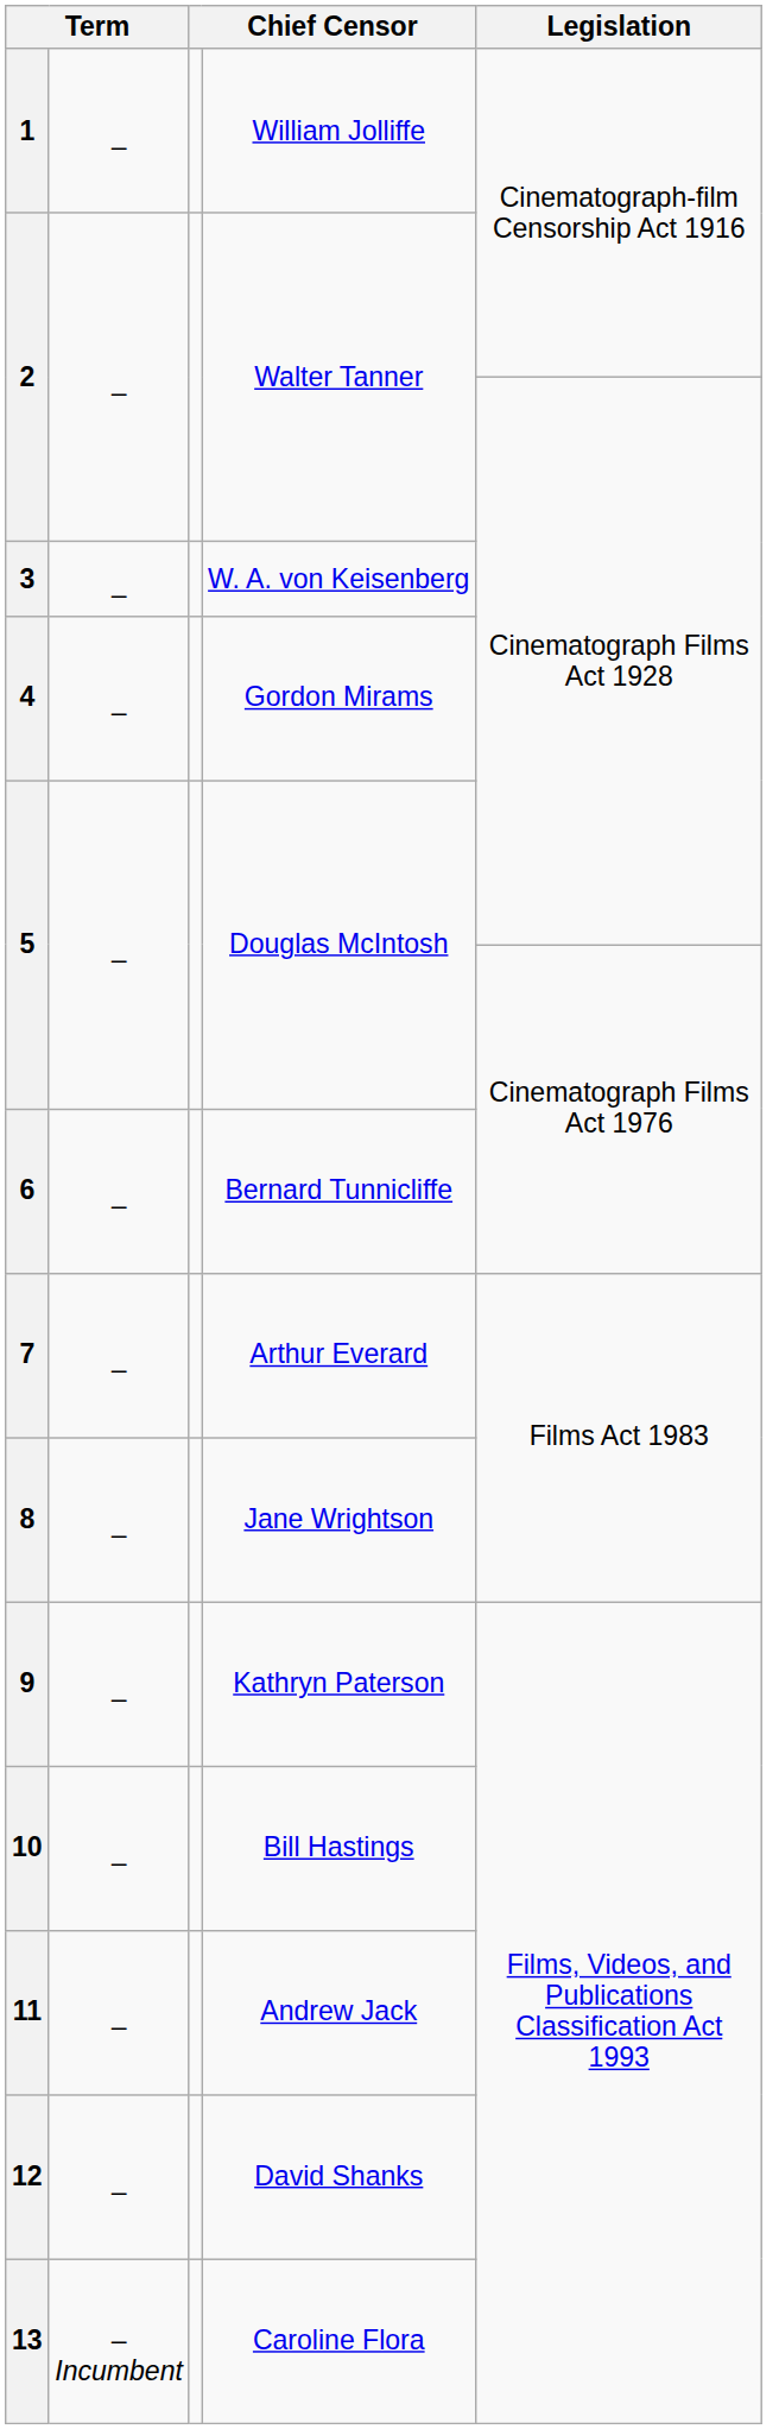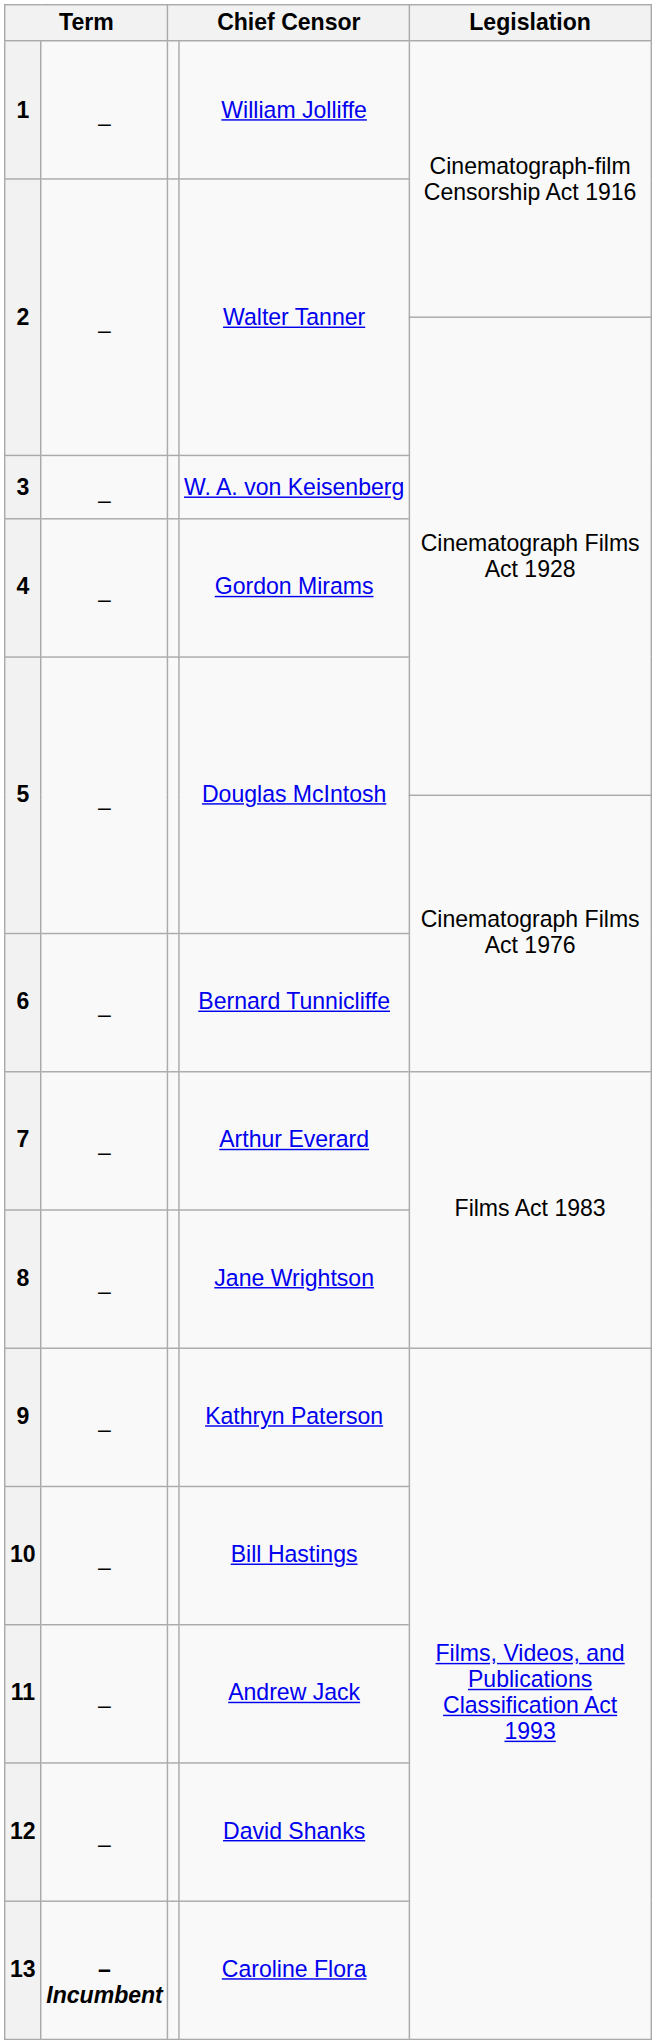 <table class="wikitable" style="text-align:center;">
 <tr>
 <th colspan=2>Term</th>
 <th colspan=2>Chief Censor</th>
 <th style="width:10em;">Legislation</th>
 </tr>
 <tr style="height:6em;">
 <th>1</th>
 <td><br>–<br></td>
 <td data-sort-value="Jolliffe, William"></td>
 <td><a href='#'>William Jolliffe</a></td>
 <td rowspan="2">Cinematograph-film Censorship Act 1916</td>
 </tr>
 <tr style="height:6em;">
 <th rowspan="2">2</th>
 <td rowspan="2"><br>–<br></td>
 <td rowspan="2" data-sort-value="Tanner, Walter"></td>
 <td rowspan="2"><a href='#'>Walter Tanner</a></td>
 </tr>
 <tr style="height:6em;">
 <td rowspan="4">Cinematograph Films Act 1928</td>
 </tr>
 <tr>
 <th>3</th>
 <td><br>–<br></td>
 <td data-sort-value="Keisenberg, W. A. von"></td>
 <td><a href='#'>W. A. von Keisenberg</a></td>
 </tr>
 <tr style="height:6em;">
 <th>4</th>
 <td><br>–<br></td>
 <td data-sort-value="Mirams, Gordon"></td>
 <td><a href='#'>Gordon Mirams</a></td>
 </tr>
 <tr style="height:6em;">
 <th rowspan="2">5</th>
 <td rowspan="2"><br>–<br></td>
 <td rowspan="2" data-sort-value="McIntosh, Douglas"></td>
 <td rowspan="2"><a href='#'>Douglas McIntosh</a></td>
 </tr>
 <tr style="height:6em;">
 <td rowspan="2">Cinematograph Films Act 1976</td>
 </tr>
 <tr style="height:6em;">
 <th>6</th>
 <td><br>–<br></td>
 <td data-sort-value="Tunnicliffe, Bernard"></td>
 <td><a href='#'>Bernard Tunnicliffe</a></td>
 </tr>
 <tr style="height:6em;">
 <th>7</th>
 <td><br>–<br></td>
 <td data-sort-value="Everard, Arthur"></td>
 <td><a href='#'>Arthur Everard</a></td>
 <td rowspan="2">Films Act 1983</td>
 </tr>
 <tr style="height:6em;">
 <th>8</th>
 <td><br>–<br></td>
 <td data-sort-value="Wrightson, Jane"></td>
 <td><a href='#'>Jane Wrightson</a></td>
 </tr>
 <tr style="height:6em;">
 <th>9</th>
 <td><br>–<br></td>
 <td data-sort-value="Paterson, Kathryn"></td>
 <td><a href='#'>Kathryn Paterson</a></td>
 <td rowspan="5"><a href='#'>Films, Videos, and Publications Classification Act 1993</a></td>
 </tr>
 <tr style="height:6em;">
 <th>10</th>
 <td><br>–<br></td>
 <td data-sort-value="Hastings, Bill"></td>
 <td><a href='#'>Bill Hastings</a></td>
 </tr>
 <tr style="height:6em;">
 <th>11</th>
 <td><br>–<br></td>
 <td data-sort-value="Jack, Andrew"></td>
 <td><a href='#'>Andrew Jack</a></td>
 </tr>
 <tr style="height:6em;">
 <th>12</th>
 <td><br>–<br></td>
 <td data-sort-value="Shanks, David"></td>
 <td><a href='#'>David Shanks</a></td>
 </tr>
 <tr style="height:6em;">
 <th>13</th>
-<td><br>–<br><em>Incumbent</em></td>
+<td><strong><br>–<br><em>Incumbent</em></strong></td>
 <td data-sort-value="Flora, Caroline"></td>
 <td><a href='#'>Caroline Flora</a></td>
 </tr>
 </table>
